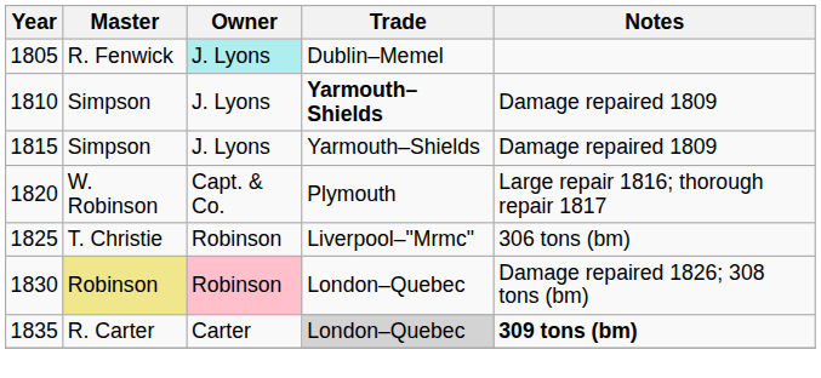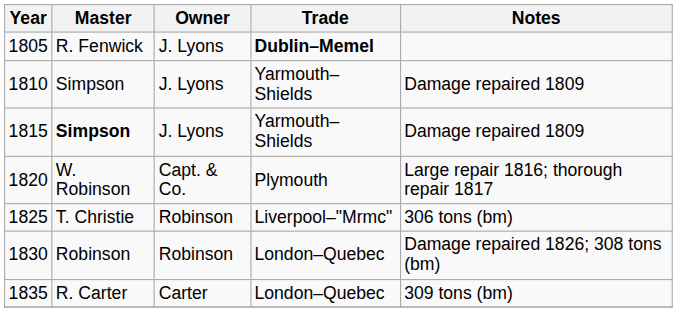 <table class="sortable wikitable">
 <tr>
 <th>Year</th>
 <th>Master</th>
 <th>Owner</th>
 <th>Trade</th>
 <th>Notes</th>
 </tr>
 <tr>
 <td>1805</td>
 <td>R. Fenwick</td>
-<td style="background: paleturquoise;">J. Lyons</td>
-<td>Dublin–Memel</td>
+<td>J. Lyons</td>
+<td><strong>Dublin–Memel</strong></td>
 <td></td>
 </tr>
 <tr>
 <td>1810</td>
 <td>Simpson</td>
 <td>J. Lyons</td>
-<td><strong>Yarmouth–Shields</strong></td>
+<td>Yarmouth–Shields</td>
 <td>Damage repaired 1809</td>
 </tr>
 <tr>
 <td>1815</td>
-<td>Simpson</td>
+<td><strong>Simpson</strong></td>
 <td>J. Lyons</td>
 <td>Yarmouth–Shields</td>
 <td>Damage repaired 1809</td>
 </tr>
 <tr>
 <td>1820</td>
 <td>W. Robinson</td>
 <td>Capt. & Co.</td>
 <td>Plymouth</td>
 <td>Large repair 1816; thorough repair 1817</td>
 </tr>
 <tr>
 <td>1825</td>
 <td>T. Christie</td>
 <td>Robinson</td>
 <td>Liverpool–"Mrmc"</td>
 <td>306 tons (bm)</td>
 </tr>
 <tr>
 <td>1830</td>
-<td style="background: khaki;">Robinson</td>
-<td style="background: pink;">Robinson</td>
+<td>Robinson</td>
+<td>Robinson</td>
 <td>London–Quebec</td>
 <td>Damage repaired 1826; 308 tons (bm)</td>
 </tr>
 <tr>
 <td>1835</td>
 <td>R. Carter</td>
 <td>Carter</td>
-<td style="background: lightgrey;">London–Quebec</td>
-<td><strong>309 tons (bm)</strong></td>
+<td>London–Quebec</td>
+<td>309 tons (bm)</td>
 </tr>
 <tr>
 </tr>
 </table>
